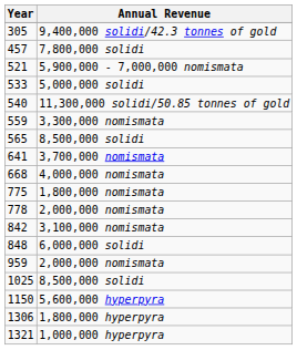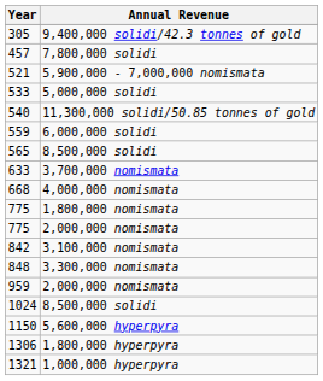 <table class="wikitable">
 <tr>
 <th>Year</th>
 <th>Annual Revenue</th>
 </tr>
 <tr>
 </tr>
 <tr>
 <td>305</td>
 <td>9,400,000 <em><a href='#'>solidi</a>/42.3 <a href='#'>tonnes</a> of gold</em></td>
 </tr>
 <tr>
 <td>457</td>
 <td>7,800,000 <em>solidi</em></td>
 </tr>
 <tr>
 <td>521</td>
 <td>5,900,000 - 7,000,000 <em>nomismata</em></td>
 </tr>
 <tr>
 <td>533</td>
 <td>5,000,000 <em>solidi</em></td>
 </tr>
 <tr>
 <td>540</td>
 <td>11,300,000 <em>solidi/50.85 tonnes of gold</em></td>
 </tr>
 <tr>
 <td>559</td>
-<td>3,300,000 <em>nomismata</em></td>
+<td>6,000,000 <em>solidi</em></td>
 </tr>
 <tr>
 <td>565</td>
 <td>8,500,000 <em>solidi</em></td>
 </tr>
 <tr>
-<td>641</td>
+<td>633</td>
 <td>3,700,000 <em><a href='#'>nomismata</a></em></td>
 </tr>
 <tr>
 <td>668</td>
 <td>4,000,000 <em>nomismata</em></td>
 </tr>
 <tr>
 <td>775</td>
 <td>1,800,000 <em>nomismata</em></td>
 </tr>
 <tr>
-<td>778</td>
+<td>775</td>
 <td>2,000,000 <em>nomismata</em></td>
 </tr>
 <tr>
 <td>842</td>
 <td>3,100,000 <em>nomismata</em></td>
 </tr>
 <tr>
 <td>848</td>
-<td>6,000,000 <em>solidi</em></td>
+<td>3,300,000 <em>nomismata</em></td>
 </tr>
 <tr>
 <td>959</td>
 <td>2,000,000 <em>nomismata</em></td>
 </tr>
 <tr>
-<td>1025</td>
+<td>1024</td>
 <td>8,500,000 <em>solidi</em></td>
 </tr>
 <tr>
 <td>1150</td>
 <td>5,600,000 <em><a href='#'>hyperpyra</a></em></td>
 </tr>
 <tr>
 <td>1306</td>
 <td>1,800,000 <em>hyperpyra</em></td>
 </tr>
 <tr>
 <td>1321</td>
 <td>1,000,000 <em>hyperpyra</em></td>
 </tr>
 </table>
